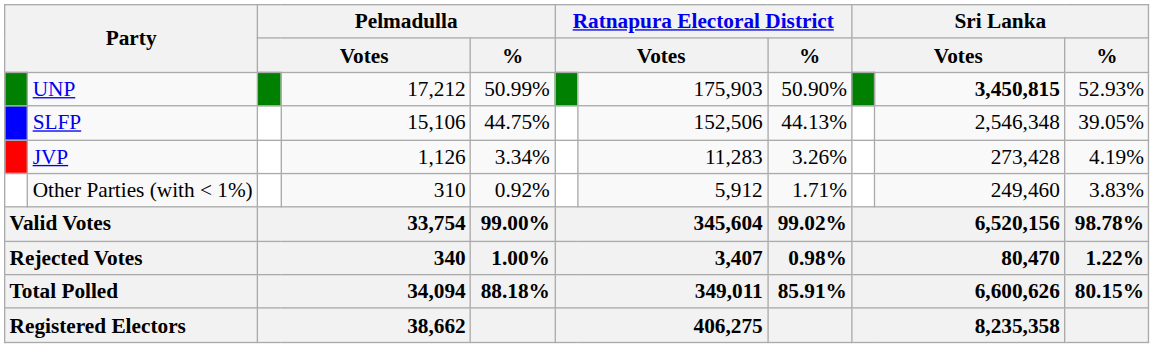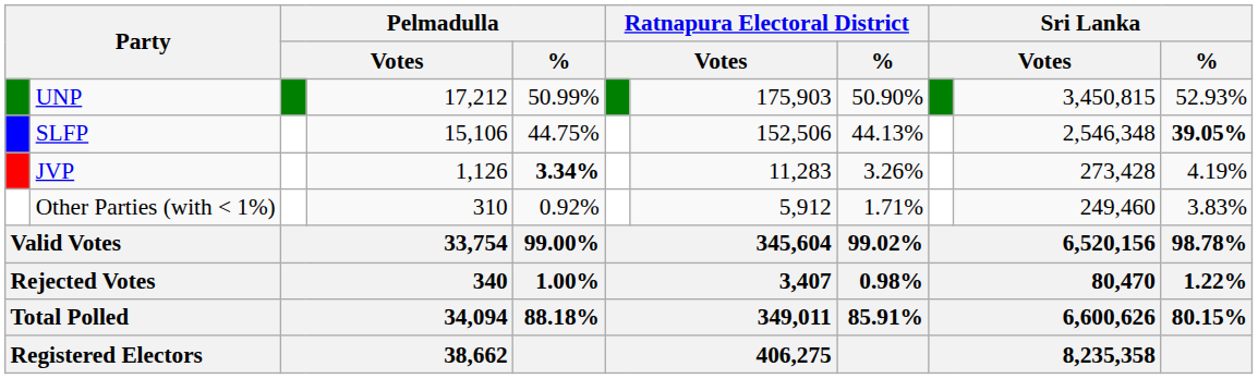 <table class="wikitable">
 <tr>
 <th colspan="2" width="144px"rowspan="2">Party</th>
 <th colspan="3" width="216px">Pelmadulla</th>
 <th colspan="3" width="216px"><a href='#'>Ratnapura Electoral District</a></th>
 <th colspan="3" width="216px">Sri Lanka</th>
 </tr>
 <tr>
 <th colspan="2" width="144px">Votes</th>
 <th>%</th>
 <th colspan="2" width="144px">Votes</th>
 <th>%</th>
 <th colspan="2" width="144px">Votes</th>
 <th>%</th>
 </tr>
 <tr>
 <td style="background-color:green;" width="10px"></td>
 <td style="text-align:left;"><a href='#'>UNP</a></td>
 <td style="background-color:green;" width="10px"></td>
 <td style="text-align:right;">17,212</td>
 <td style="text-align:right;">50.99%</td>
 <td style="background-color:green;" width="10px"></td>
 <td style="text-align:right;">175,903</td>
 <td style="text-align:right;">50.90%</td>
 <td style="background-color:green;" width="10px"></td>
-<td style="text-align:right;"><strong>3,450,815</strong></td>
+<td style="text-align:right;">3,450,815</td>
 <td style="text-align:right;">52.93%</td>
 </tr>
 <tr>
 <td style="background-color:blue;" width="10px"></td>
 <td style="text-align:left;"><a href='#'>SLFP</a></td>
 <td style="background-color:white;" width="10px"></td>
 <td style="text-align:right;">15,106</td>
 <td style="text-align:right;">44.75%</td>
 <td style="background-color:white;" width="10px"></td>
 <td style="text-align:right;">152,506</td>
 <td style="text-align:right;">44.13%</td>
 <td style="background-color:white;" width="10px"></td>
 <td style="text-align:right;">2,546,348</td>
-<td style="text-align:right;">39.05%</td>
+<td style="text-align:right;"><strong>39.05%</strong></td>
 </tr>
 <tr>
 <td style="background-color:red;" width="10px"></td>
 <td style="text-align:left;"><a href='#'>JVP</a></td>
 <td style="background-color:white;" width="10px"></td>
 <td style="text-align:right;">1,126</td>
-<td style="text-align:right;">3.34%</td>
+<td style="text-align:right;"><strong>3.34%</strong></td>
 <td style="background-color:white;" width="10px"></td>
 <td style="text-align:right;">11,283</td>
 <td style="text-align:right;">3.26%</td>
 <td style="background-color:white;" width="10px"></td>
 <td style="text-align:right;">273,428</td>
 <td style="text-align:right;">4.19%</td>
 </tr>
 <tr>
 <td style="background-color:white;" width="10px"></td>
 <td style="text-align:left;">Other Parties (with < 1%)</td>
 <td style="background-color:white;" width="10px"></td>
 <td style="text-align:right;">310</td>
 <td style="text-align:right;">0.92%</td>
 <td style="background-color:white;" width="10px"></td>
 <td style="text-align:right;">5,912</td>
 <td style="text-align:right;">1.71%</td>
 <td style="background-color:white;" width="10px"></td>
 <td style="text-align:right;">249,460</td>
 <td style="text-align:right;">3.83%</td>
 </tr>
 <tr>
 <th colspan="2" width="144px"style="text-align:left;">Valid Votes</th>
 <th style="text-align:right;"colspan="2" width="144px">33,754</th>
 <th style="text-align:right;">99.00%</th>
 <th style="text-align:right;"colspan="2" width="144px">345,604</th>
 <th style="text-align:right;">99.02%</th>
 <th style="text-align:right;"colspan="2" width="144px">6,520,156</th>
 <th style="text-align:right;">98.78%</th>
 </tr>
 <tr>
 <th colspan="2" width="144px"style="text-align:left;">Rejected Votes</th>
 <th style="text-align:right;"colspan="2" width="144px">340</th>
 <th style="text-align:right;">1.00%</th>
 <th style="text-align:right;"colspan="2" width="144px">3,407</th>
 <th style="text-align:right;">0.98%</th>
 <th style="text-align:right;"colspan="2" width="144px">80,470</th>
 <th style="text-align:right;">1.22%</th>
 </tr>
 <tr>
 <th colspan="2" width="144px"style="text-align:left;">Total Polled</th>
 <th style="text-align:right;"colspan="2" width="144px">34,094</th>
 <th style="text-align:right;">88.18%</th>
 <th style="text-align:right;"colspan="2" width="144px">349,011</th>
 <th style="text-align:right;">85.91%</th>
 <th style="text-align:right;"colspan="2" width="144px">6,600,626</th>
 <th style="text-align:right;">80.15%</th>
 </tr>
 <tr>
 <th colspan="2" width="144px"style="text-align:left;">Registered Electors</th>
 <th style="text-align:right;"colspan="2" width="144px">38,662</th>
 <th></th>
 <th style="text-align:right;"colspan="2" width="144px">406,275</th>
 <th></th>
 <th style="text-align:right;"colspan="2" width="144px">8,235,358</th>
 <th></th>
 </tr>
 </table>
